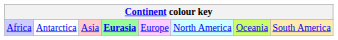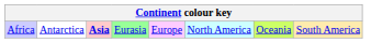 <table class="wikitable" align="center">
 <tr bgcolor="#CCCCCC">
 <th colspan="8" align="center"><a href='#'>Continent</a> colour key</th>
 </tr>
 <tr>
 <td bgcolor="#CCCCFF"><a href='#'>Africa</a></td>
 <td bgcolor="#FFFFFF"><a href='#'>Antarctica</a></td>
-<td bgcolor="#FFCBCB"><a href='#'>Asia</a></td>
-<td bgcolor="#98FF98"><strong><a href='#'>Eurasia</a></strong></td>
+<td bgcolor="#FFCBCB"><strong><a href='#'>Asia</a></strong></td>
+<td bgcolor="#98FF98"><a href='#'>Eurasia</a></td>
 <td bgcolor="#FFCCFF"><a href='#'>Europe</a></td>
 <td bgcolor="#CCFFFF"><a href='#'>North America</a></td>
 <td bgcolor="#CCFF66"><a href='#'>Oceania</a></td>
 <td bgcolor="#FFEBAD"><a href='#'>South America</a></td>
 </tr>
 </table>
